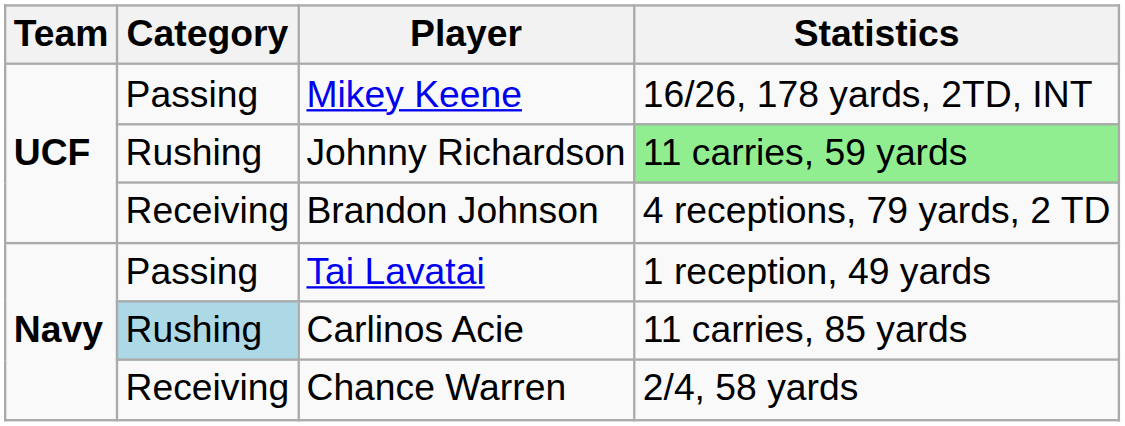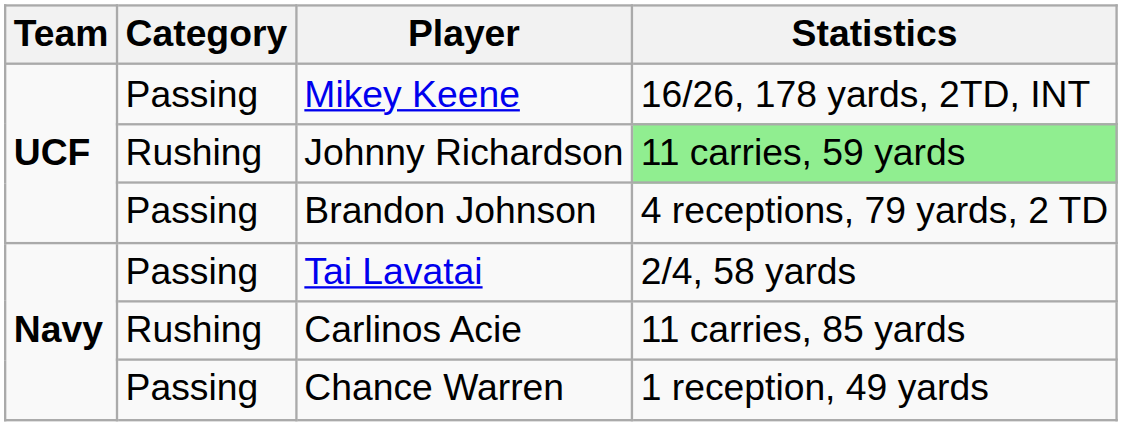 <table class="wikitable" style="float: left;">
 <tr>
 <th>Team</th>
 <th>Category</th>
 <th>Player</th>
 <th>Statistics</th>
 </tr>
 <tr>
 <td rowspan=3><strong>UCF</strong></td>
 <td>Passing</td>
 <td><a href='#'>Mikey Keene</a></td>
 <td>16/26, 178 yards, 2TD, INT</td>
 </tr>
 <tr>
 <td>Rushing</td>
 <td>Johnny Richardson</td>
 <td style="background: lightgreen;">11 carries, 59 yards</td>
 </tr>
 <tr>
-<td>Receiving</td>
+<td>Passing</td>
 <td>Brandon Johnson</td>
 <td>4 receptions, 79 yards, 2 TD</td>
 </tr>
 <tr>
 <td rowspan=3><strong>Navy</strong></td>
 <td>Passing</td>
 <td><a href='#'>Tai Lavatai</a></td>
-<td>1 reception, 49 yards</td>
+<td>2/4, 58 yards</td>
 </tr>
 <tr>
-<td style="background: lightblue;">Rushing</td>
+<td>Rushing</td>
 <td>Carlinos Acie</td>
 <td>11 carries, 85 yards</td>
 </tr>
 <tr>
-<td>Receiving</td>
+<td>Passing</td>
 <td>Chance Warren</td>
-<td>2/4, 58 yards</td>
+<td>1 reception, 49 yards</td>
 </tr>
 </table>
